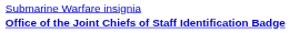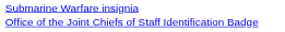 <table>
 <tr>
 <td>  <a href='#'>Submarine Warfare insignia</a></td>
 </tr>
 <tr>
-<td><strong>  <a href='#'>Office of the Joint Chiefs of Staff Identification Badge</a></strong></td>
+<td>  <a href='#'>Office of the Joint Chiefs of Staff Identification Badge</a></td>
 </tr>
 </table>
